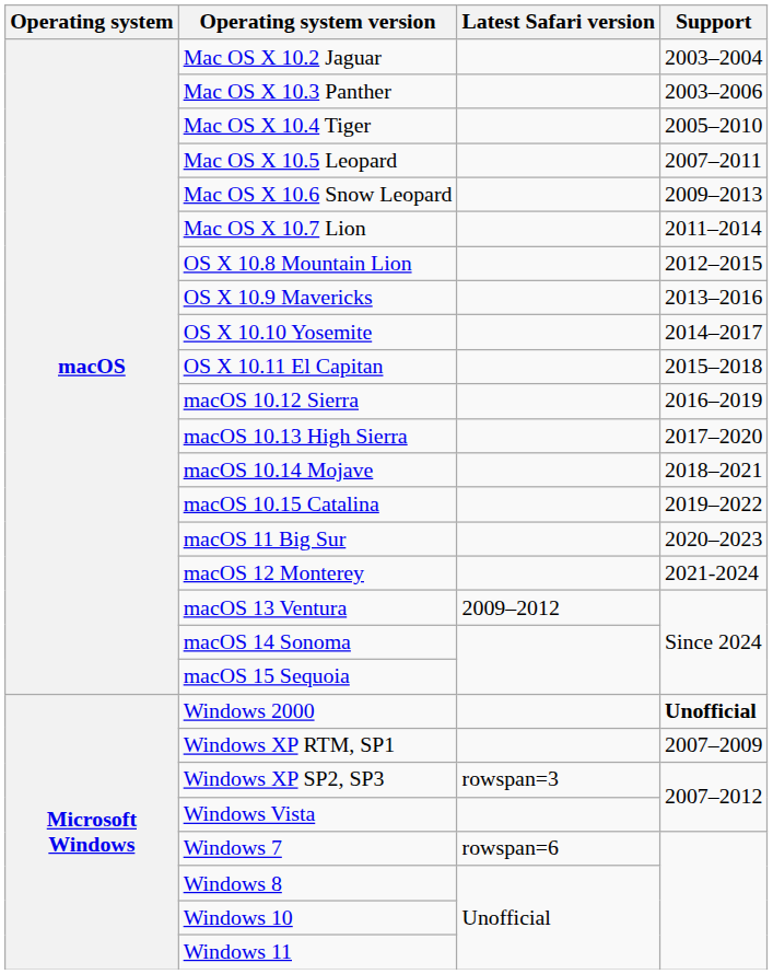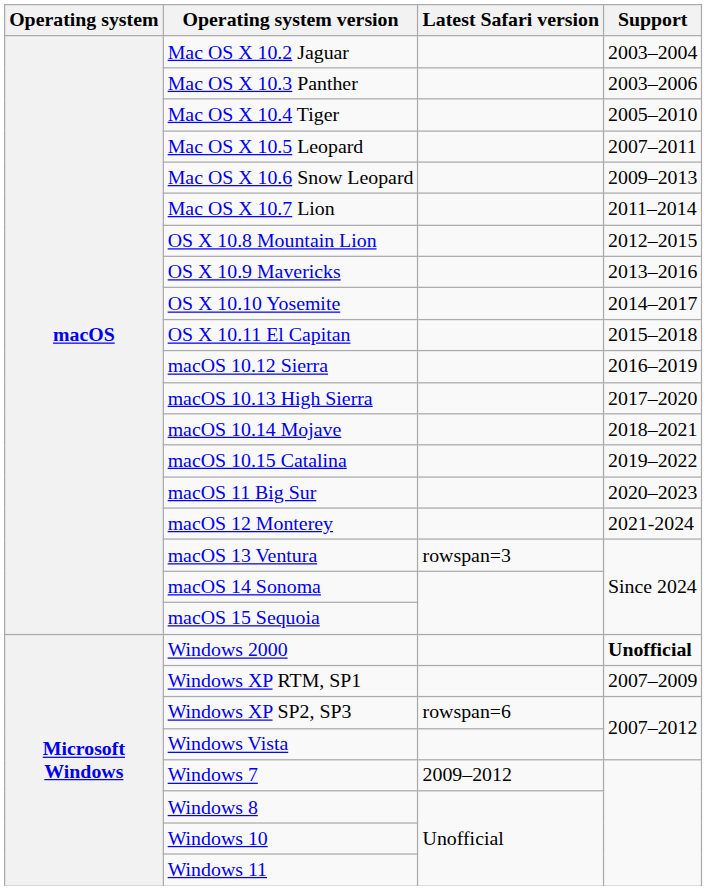 <table class="wikitable" style="margin-top:0px;">
 <tr>
 <th scope="col">Operating system</th>
 <th scope="col">Operating system version</th>
 <th scope="col">Latest Safari version</th>
 <th>Support</th>
 </tr>
 <tr>
 <th rowspan="19"><a href='#'>macOS</a></th>
 <td><a href='#'>Mac OS X 10.2</a> Jaguar</td>
 <td></td>
 <td>2003–2004</td>
 </tr>
 <tr>
 <td><a href='#'>Mac OS X 10.3</a> Panther</td>
 <td></td>
 <td>2003–2006</td>
 </tr>
 <tr>
 <td><a href='#'>Mac OS X 10.4</a> Tiger</td>
 <td></td>
 <td>2005–2010</td>
 </tr>
 <tr>
 <td><a href='#'>Mac OS X 10.5</a> Leopard</td>
 <td></td>
 <td>2007–2011</td>
 </tr>
 <tr>
 <td><a href='#'>Mac OS X 10.6</a> Snow Leopard</td>
 <td></td>
 <td>2009–2013</td>
 </tr>
 <tr>
 <td><a href='#'>Mac OS X 10.7</a> Lion<br></td>
 <td></td>
 <td>2011–2014</td>
 </tr>
 <tr>
 <td><a href='#'>OS X 10.8 Mountain Lion</a></td>
 <td></td>
 <td>2012–2015</td>
 </tr>
 <tr>
 <td><a href='#'>OS X 10.9 Mavericks</a></td>
 <td></td>
 <td>2013–2016</td>
 </tr>
 <tr>
 <td><a href='#'>OS X 10.10 Yosemite</a></td>
 <td></td>
 <td>2014–2017</td>
 </tr>
 <tr>
 <td><a href='#'>OS X 10.11 El Capitan</a></td>
 <td></td>
 <td>2015–2018</td>
 </tr>
 <tr>
 <td><a href='#'>macOS 10.12 Sierra</a></td>
 <td></td>
 <td>2016–2019</td>
 </tr>
 <tr>
 <td><a href='#'>macOS 10.13 High Sierra</a></td>
 <td></td>
 <td>2017–2020</td>
 </tr>
 <tr>
 <td><a href='#'>macOS 10.14 Mojave</a></td>
 <td></td>
 <td>2018–2021</td>
 </tr>
 <tr>
 <td><a href='#'>macOS 10.15 Catalina</a></td>
 <td></td>
 <td>2019–2022</td>
 </tr>
 <tr>
 <td><a href='#'>macOS 11 Big Sur</a></td>
 <td></td>
 <td>2020–2023</td>
 </tr>
 <tr>
 <td><a href='#'>macOS 12 Monterey</a></td>
 <td></td>
 <td>2021-2024</td>
 </tr>
 <tr>
 <td><a href='#'>macOS 13 Ventura</a></td>
-<td>2009–2012</td>
+<td>rowspan=3 </td>
 <td rowspan=3>Since 2024</td>
 </tr>
 <tr>
 <td><a href='#'>macOS 14 Sonoma</a></td>
 </tr>
 <tr>
 <td><a href='#'>macOS 15 Sequoia</a></td>
 </tr>
 <tr>
 <th rowspan="8"><a href='#'>Microsoft<br>Windows</a></th>
 <td><a href='#'>Windows 2000</a></td>
 <td></td>
 <td><strong>Unofficial</strong></td>
 </tr>
 <tr>
 <td><a href='#'>Windows XP</a> RTM, SP1</td>
 <td></td>
 <td>2007–2009</td>
 </tr>
 <tr>
 <td><a href='#'>Windows XP</a> SP2, SP3</td>
-<td>rowspan=3 </td>
+<td>rowspan=6 </td>
 <td rowspan="2">2007–2012</td>
 </tr>
 <tr>
 <td><a href='#'>Windows Vista</a></td>
 </tr>
 <tr>
 <td><a href='#'>Windows 7</a></td>
-<td>rowspan=6 </td>
+<td>2009–2012</td>
 </tr>
 <tr>
 <td><a href='#'>Windows 8</a></td>
 <td rowspan="3">Unofficial</td>
 </tr>
 <tr>
 <td><a href='#'>Windows 10</a></td>
 </tr>
 <tr>
 <td><a href='#'>Windows 11</a></td>
 </tr>
 </table>
